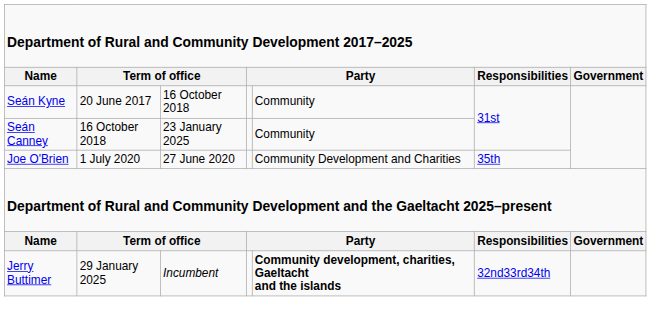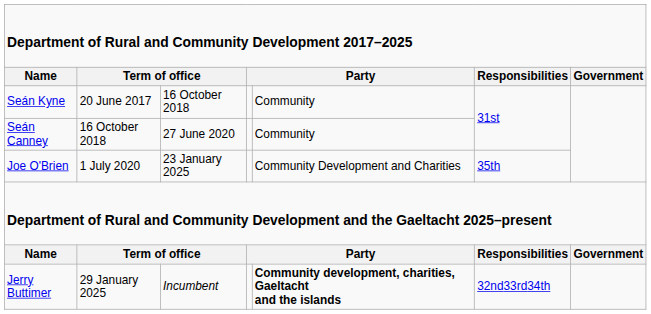 <table class="wikitable">
 <tr>
 <td colspan="7"><br><h3>Department of Rural and Community Development 2017–2025</h3></td>
 </tr>
 <tr>
 <th>Name</th>
 <th colspan="2">Term of office</th>
 <th colspan="2">Party</th>
 <th>Responsibilities</th>
 <th>Government</th>
 </tr>
 <tr>
 <td><a href='#'>Seán Kyne</a></td>
 <td>20 June 2017</td>
 <td>16 October 2018</td>
 <td></td>
 <td>Community</td>
 <td rowspan=2><a href='#'>31st</a></td>
 </tr>
 <tr>
 <td><a href='#'>Seán Canney</a></td>
 <td>16 October 2018</td>
-<td>23 January 2025</td>
+<td>27 June 2020</td>
 <td></td>
 <td>Community</td>
 </tr>
 <tr>
 <td><a href='#'>Joe O'Brien</a></td>
 <td>1 July 2020</td>
-<td>27 June 2020</td>
+<td>23 January 2025</td>
 <td></td>
 <td>Community Development and Charities</td>
 <td><a href='#'>35th</a></td>
 </tr>
 <tr>
 <td colspan="7"><br><h3>Department of Rural and Community Development and the Gaeltacht 2025–present</h3></td>
 </tr>
 <tr>
 <th>Name</th>
 <th colspan="2">Term of office</th>
 <th colspan="2">Party</th>
 <th>Responsibilities</th>
 <th>Government</th>
 </tr>
 <tr>
 <td><a href='#'>Jerry Buttimer</a></td>
 <td>29 January 2025</td>
 <td><em>Incumbent</em></td>
 <td></td>
 <td><strong>Community development, charities, Gaeltacht<br>and the islands</strong></td>
 <td><a href='#'>32nd</a><a href='#'>33rd</a><a href='#'>34th</a></td>
 </tr>
 </table>
